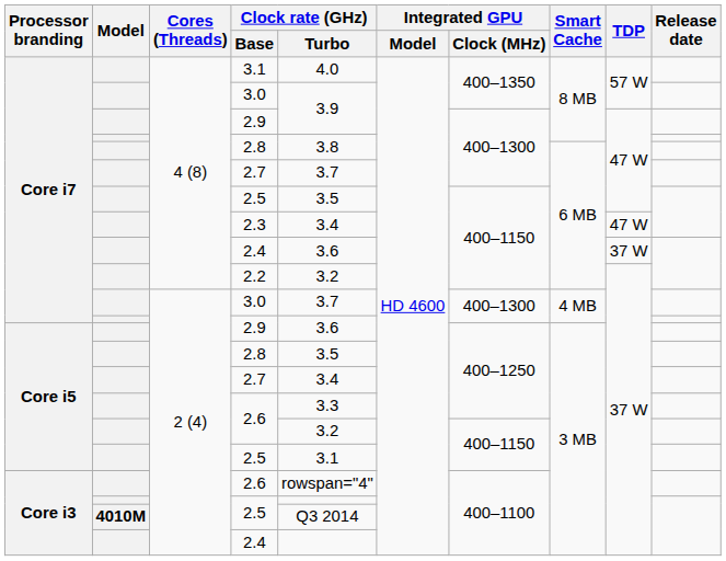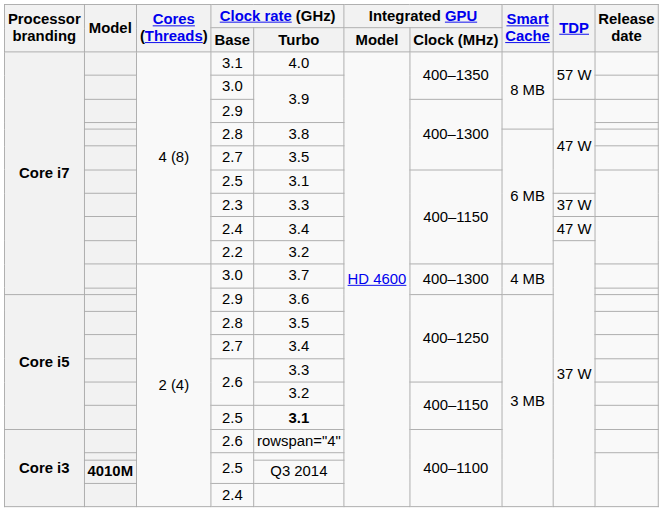 <table class="wikitable sortable nowrap" style="text-align: center;">
 <tr>
 <th class="unsortable" rowspan="2">Processor<br>branding</th>
 <th rowspan="2">Model</th>
 <th class="unsortable" rowspan="2"><a href='#'>Cores</a><br>(<a href='#'>Threads</a>)</th>
 <th colspan="2"><a href='#'>Clock rate</a> (GHz)</th>
 <th colspan="2">Integrated <a href='#'>GPU</a></th>
 <th class="unsortable" rowspan="2"><a href='#'>Smart<br>Cache</a></th>
 <th rowspan="2"><a href='#'>TDP</a></th>
 <th rowspan="2">Release<br>date</th>
 </tr>
 <tr>
 <th class="unsortable">Base</th>
 <th class="unsortable">Turbo</th>
 <th class="unsortable">Model</th>
 <th class="unsortable">Clock (MHz)</th>
 </tr>
 <tr>
 <th rowspan="12">Core i7</th>
 <th style="text-align:left;" data-sort-value="sku22"></th>
 <td rowspan="10">4 (8)</td>
 <td>3.1</td>
 <td>4.0</td>
 <td rowspan="22"><a href='#'>HD 4600</a></td>
 <td rowspan="2">400–1350</td>
 <td rowspan="4">8 MB</td>
 <td rowspan="2">57 W</td>
 <td></td>
 </tr>
 <tr>
 <th style="text-align:left;" data-sort-value="sku21"></th>
 <td>3.0</td>
 <td rowspan="2">3.9</td>
 <td></td>
 </tr>
 <tr>
 <th style="text-align:left;" data-sort-value="sku20"></th>
 <td>2.9</td>
 <td rowspan="4">400–1300</td>
 <td rowspan="5">47 W</td>
 <td></td>
 </tr>
 <tr>
 <th style="text-align:left;" data-sort-value="sku19"></th>
 <td rowspan="2">2.8</td>
 <td rowspan="2">3.8</td>
 <td></td>
 </tr>
 <tr>
 <th style="text-align:left;" data-sort-value="sku18"></th>
 <td rowspan="6">6 MB</td>
 <td></td>
 </tr>
 <tr>
 <th style="text-align:left;" data-sort-value="sku17"></th>
 <td>2.7</td>
-<td>3.7</td>
+<td>3.5</td>
 <td></td>
 </tr>
 <tr>
 <th style="text-align:left;" data-sort-value="sku16"></th>
 <td>2.5</td>
-<td>3.5</td>
+<td>3.1</td>
 <td rowspan="4">400–1150</td>
 <td rowspan="2"></td>
 </tr>
 <tr>
 <th style="text-align:left;" data-sort-value="sku15"></th>
 <td>2.3</td>
-<td>3.4</td>
-<td>47 W</td>
+<td>3.3</td>
+<td>37 W</td>
 </tr>
 <tr>
 <th style="text-align:left;" data-sort-value="sku14"></th>
 <td>2.4</td>
-<td>3.6</td>
-<td>37 W</td>
+<td>3.4</td>
+<td>47 W</td>
 <td rowspan="2"></td>
 </tr>
 <tr>
 <th style="text-align:left;" data-sort-value="sku13"></th>
 <td>2.2</td>
 <td>3.2</td>
 <td rowspan="13">37 W</td>
 </tr>
 <tr>
 <th style="text-align:left;" data-sort-value="sku12"></th>
 <td rowspan="12">2 (4)</td>
 <td>3.0</td>
 <td>3.7</td>
 <td rowspan="2">400–1300</td>
 <td rowspan="2">4 MB</td>
 <td></td>
 </tr>
 <tr>
 <th style="text-align:left;" data-sort-value="sku11"></th>
 <td rowspan="2">2.9</td>
 <td rowspan="2">3.6</td>
 <td></td>
 </tr>
 <tr>
 <th rowspan="6">Core i5</th>
 <th style="text-align:left;" data-sort-value="sku10"></th>
 <td rowspan="4">400–1250</td>
 <td rowspan="10">3 MB</td>
 <td></td>
 </tr>
 <tr>
 <th style="text-align:left;" data-sort-value="sku9"></th>
 <td>2.8</td>
 <td>3.5</td>
 <td></td>
 </tr>
 <tr>
 <th style="text-align:left;" data-sort-value="sku8"></th>
 <td>2.7</td>
 <td>3.4</td>
 <td></td>
 </tr>
 <tr>
 <th style="text-align:left;" data-sort-value="sku7"></th>
 <td rowspan="2">2.6</td>
 <td>3.3</td>
 <td></td>
 </tr>
 <tr>
 <th style="text-align:left;" data-sort-value="sku6"></th>
 <td>3.2</td>
 <td rowspan="2">400–1150</td>
 <td></td>
 </tr>
 <tr>
 <th style="text-align:left;" data-sort-value="sku5"></th>
 <td>2.5</td>
-<td>3.1</td>
+<td><strong>3.1</strong></td>
 <td></td>
 </tr>
 <tr>
 <th rowspan="4">Core i3</th>
 <th style="text-align:left;" data-sort-value="sku4"></th>
 <td>2.6</td>
 <td>rowspan="4" </td>
 <td rowspan="4">400–1100</td>
 <td></td>
 </tr>
 <tr>
 <th style="text-align:left;" data-sort-value="sku3"></th>
 <td rowspan="2">2.5</td>
 <td></td>
 </tr>
 <tr>
 <th style="text-align:left;" data-sort-value="sku2">4010M</th>
 <td>Q3 2014</td>
 </tr>
 <tr>
 <th style="text-align:left;" data-sort-value="sku1"></th>
 <td>2.4</td>
 <td></td>
 </tr>
 </table>
